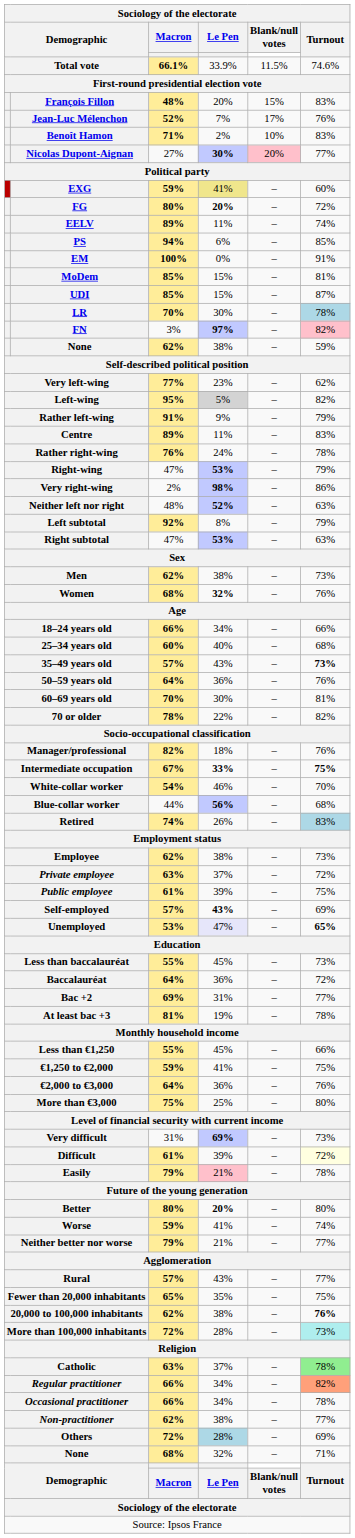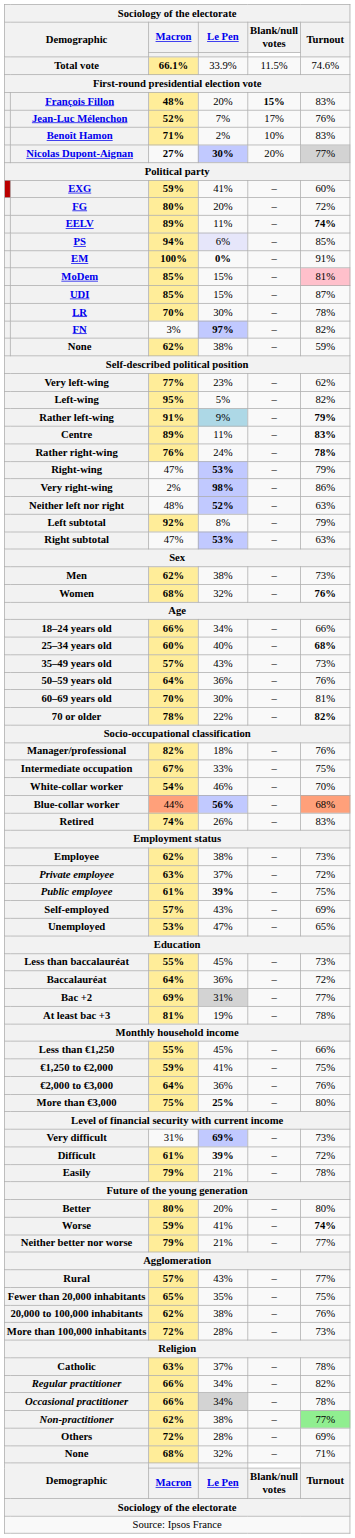 <table class="wikitable sortable" style="font-size:90%; text-align:center">
 <tr>
 <th colspan="6">Sociology of the electorate</th>
 </tr>
 <tr>
 <th scope="col" colspan="2" rowspan="2" class="unsortable" style="width:180px;">Demographic</th>
 <th scope="col" style="width:60px;"><a href='#'>Macron</a></th>
 <th scope="col" style="width:60px;"><a href='#'>Le Pen</a></th>
 <th scope="col" style="width:60px;">Blank/null votes</th>
 <th scope="col" rowspan="2" style="width:40px;">Turnout</th>
 </tr>
 <tr>
 <th style="background:"></th>
 <th style="background:"></th>
 <th style="background:#FFFFFF;"></th>
 </tr>
 <tr>
 <th colspan="2">Total vote</th>
 <td style="background:#FFED99;"><strong>66.1%</strong></td>
 <td>33.9%</td>
 <td>11.5%</td>
 <td>74.6%</td>
 </tr>
 <tr class="sortbottom">
 <th colspan="6">First-round presidential election vote</th>
 </tr>
 <tr>
 <th style="background:"></th>
 <th><a href='#'>François Fillon</a></th>
 <td style="background:#FFED99;"><strong>48%</strong></td>
 <td>20%</td>
-<td>15%</td>
+<td><strong>15%</strong></td>
 <td>83%</td>
 </tr>
 <tr>
 <th style="background:"></th>
 <th><a href='#'>Jean-Luc Mélenchon</a></th>
 <td style="background:#FFED99;"><strong>52%</strong></td>
 <td>7%</td>
 <td>17%</td>
 <td>76%</td>
 </tr>
 <tr>
 <th style="background:"></th>
 <th><a href='#'>Benoît Hamon</a></th>
 <td style="background:#FFED99;"><strong>71%</strong></td>
 <td>2%</td>
 <td>10%</td>
 <td>83%</td>
 </tr>
 <tr>
 <th style="background:"></th>
 <th><a href='#'>Nicolas Dupont-Aignan</a></th>
-<td>27%</td>
+<td><strong>27%</strong></td>
 <td style="background:#C1C9FF;"><strong>30%</strong></td>
-<td style="background: pink;">20%</td>
-<td>77%</td>
+<td>20%</td>
+<td style="background: lightgrey;">77%</td>
 </tr>
 <tr class="sortbottom">
 <th colspan="6">Political party</th>
 </tr>
 <tr>
 <th style="background:#b00;"></th>
 <th><a href='#'>EXG</a></th>
 <td style="background:#FFED99;"><strong>59%</strong></td>
-<td style="background: khaki;">41%</td>
+<td>41%</td>
 <td>–</td>
 <td>60%</td>
 </tr>
 <tr>
 <th style="background:"></th>
 <th><a href='#'>FG</a></th>
 <td style="background:#FFED99;"><strong>80%</strong></td>
-<td><strong>20%</strong></td>
+<td>20%</td>
 <td>–</td>
 <td>72%</td>
 </tr>
 <tr>
 <th style="background:"></th>
 <th><a href='#'>EELV</a></th>
 <td style="background:#FFED99;"><strong>89%</strong></td>
 <td>11%</td>
 <td>–</td>
-<td>74%</td>
+<td><strong>74%</strong></td>
 </tr>
 <tr>
 <th style="background:"></th>
 <th><a href='#'>PS</a></th>
 <td style="background:#FFED99;"><strong>94%</strong></td>
-<td>6%</td>
+<td style="background: lavender;">6%</td>
 <td>–</td>
 <td>85%</td>
 </tr>
 <tr>
 <th style="background:"></th>
 <th><a href='#'>EM</a></th>
 <td style="background:#FFED99;"><strong>100%</strong></td>
-<td>0%</td>
+<td><strong>0%</strong></td>
 <td>–</td>
 <td>91%</td>
 </tr>
 <tr>
 <th style="background:"></th>
 <th><a href='#'>MoDem</a></th>
 <td style="background:#FFED99;"><strong>85%</strong></td>
 <td>15%</td>
 <td>–</td>
-<td>81%</td>
+<td style="background: pink;">81%</td>
 </tr>
 <tr>
 <th style="background:"></th>
 <th><a href='#'>UDI</a></th>
 <td style="background:#FFED99;"><strong>85%</strong></td>
 <td>15%</td>
 <td>–</td>
 <td>87%</td>
 </tr>
 <tr>
 <th style="background:"></th>
 <th><a href='#'>LR</a></th>
 <td style="background:#FFED99;"><strong>70%</strong></td>
 <td>30%</td>
 <td>–</td>
-<td style="background: lightblue;">78%</td>
+<td>78%</td>
 </tr>
 <tr>
 <th style="background:"></th>
 <th><a href='#'>FN</a></th>
 <td>3%</td>
 <td style="background:#C1C9FF;"><strong>97%</strong></td>
 <td>–</td>
-<td style="background: pink;">82%</td>
+<td>82%</td>
 </tr>
 <tr>
 <th style="background:"></th>
 <th>None</th>
 <td style="background:#FFED99;"><strong>62%</strong></td>
 <td>38%</td>
 <td>–</td>
 <td>59%</td>
 </tr>
 <tr class="sortbottom">
 <th colspan="6">Self-described political position</th>
 </tr>
 <tr>
 <th colspan="2">Very left-wing</th>
 <td style="background:#FFED99;"><strong>77%</strong></td>
 <td>23%</td>
 <td>–</td>
 <td>62%</td>
 </tr>
 <tr>
 <th colspan="2">Left-wing</th>
 <td style="background:#FFED99;"><strong>95%</strong></td>
-<td style="background: lightgrey;">5%</td>
+<td>5%</td>
 <td>–</td>
 <td>82%</td>
 </tr>
 <tr>
 <th colspan="2">Rather left-wing</th>
 <td style="background:#FFED99;"><strong>91%</strong></td>
-<td>9%</td>
+<td style="background: lightblue;">9%</td>
 <td>–</td>
-<td>79%</td>
+<td><strong>79%</strong></td>
 </tr>
 <tr>
 <th colspan="2">Centre</th>
 <td style="background:#FFED99;"><strong>89%</strong></td>
 <td>11%</td>
 <td>–</td>
-<td>83%</td>
+<td><strong>83%</strong></td>
 </tr>
 <tr>
 <th colspan="2">Rather right-wing</th>
 <td style="background:#FFED99;"><strong>76%</strong></td>
 <td>24%</td>
 <td>–</td>
-<td>78%</td>
+<td><strong>78%</strong></td>
 </tr>
 <tr>
 <th colspan="2">Right-wing</th>
 <td>47%</td>
 <td style="background:#C1C9FF;"><strong>53%</strong></td>
 <td>–</td>
 <td>79%</td>
 </tr>
 <tr>
 <th colspan="2">Very right-wing</th>
 <td>2%</td>
 <td style="background:#C1C9FF;"><strong>98%</strong></td>
 <td>–</td>
 <td>86%</td>
 </tr>
 <tr>
 <th colspan="2">Neither left nor right</th>
 <td>48%</td>
 <td style="background:#C1C9FF;"><strong>52%</strong></td>
 <td>–</td>
 <td>63%</td>
 </tr>
 <tr>
 <th colspan="2">Left subtotal</th>
 <td style="background:#FFED99;"><strong>92%</strong></td>
 <td>8%</td>
 <td>–</td>
 <td>79%</td>
 </tr>
 <tr>
 <th colspan="2">Right subtotal</th>
 <td>47%</td>
 <td style="background:#C1C9FF;"><strong>53%</strong></td>
 <td>–</td>
 <td>63%</td>
 </tr>
 <tr class="sortbottom">
 <th colspan="6">Sex</th>
 </tr>
 <tr>
 <th colspan="2">Men</th>
 <td style="background:#FFED99;"><strong>62%</strong></td>
 <td>38%</td>
 <td>–</td>
 <td>73%</td>
 </tr>
 <tr>
 <th colspan="2">Women</th>
 <td style="background:#FFED99;"><strong>68%</strong></td>
-<td><strong>32%</strong></td>
+<td>32%</td>
 <td>–</td>
-<td>76%</td>
+<td><strong>76%</strong></td>
 </tr>
 <tr class="sortbottom">
 <th colspan="6">Age</th>
 </tr>
 <tr>
 <th colspan="2">18–24 years old</th>
 <td style="background:#FFED99;"><strong>66%</strong></td>
 <td>34%</td>
 <td>–</td>
 <td>66%</td>
 </tr>
 <tr>
 <th colspan="2">25–34 years old</th>
 <td style="background:#FFED99;"><strong>60%</strong></td>
 <td>40%</td>
 <td>–</td>
-<td>68%</td>
+<td><strong>68%</strong></td>
 </tr>
 <tr>
 <th colspan="2">35–49 years old</th>
 <td style="background:#FFED99;"><strong>57%</strong></td>
 <td>43%</td>
 <td>–</td>
-<td><strong>73%</strong></td>
+<td>73%</td>
 </tr>
 <tr>
 <th colspan="2">50–59 years old</th>
 <td style="background:#FFED99;"><strong>64%</strong></td>
 <td>36%</td>
 <td>–</td>
 <td>76%</td>
 </tr>
 <tr>
 <th colspan="2">60–69 years old</th>
 <td style="background:#FFED99;"><strong>70%</strong></td>
 <td>30%</td>
 <td>–</td>
 <td>81%</td>
 </tr>
 <tr>
 <th colspan="2">70 or older</th>
 <td style="background:#FFED99;"><strong>78%</strong></td>
 <td>22%</td>
 <td>–</td>
-<td>82%</td>
+<td><strong>82%</strong></td>
 </tr>
 <tr class="sortbottom">
 <th colspan="6">Socio-occupational classification</th>
 </tr>
 <tr>
 <th colspan="2">Manager/professional</th>
 <td style="background:#FFED99;"><strong>82%</strong></td>
 <td>18%</td>
 <td>–</td>
 <td>76%</td>
 </tr>
 <tr>
 <th colspan="2">Intermediate occupation</th>
 <td style="background:#FFED99;"><strong>67%</strong></td>
-<td><strong>33%</strong></td>
+<td>33%</td>
 <td>–</td>
-<td><strong>75%</strong></td>
+<td>75%</td>
 </tr>
 <tr>
 <th colspan="2">White-collar worker</th>
 <td style="background:#FFED99;"><strong>54%</strong></td>
 <td>46%</td>
 <td>–</td>
 <td>70%</td>
 </tr>
 <tr>
 <th colspan="2">Blue-collar worker</th>
-<td>44%</td>
+<td style="background: lightsalmon;">44%</td>
 <td style="background:#C1C9FF;"><strong>56%</strong></td>
 <td>–</td>
-<td>68%</td>
+<td style="background: lightsalmon;">68%</td>
 </tr>
 <tr>
 <th colspan="2">Retired</th>
 <td style="background:#FFED99;"><strong>74%</strong></td>
 <td>26%</td>
 <td>–</td>
-<td style="background: lightblue;">83%</td>
+<td>83%</td>
 </tr>
 <tr class="sortbottom">
 <th colspan="6">Employment status</th>
 </tr>
 <tr>
 <th colspan="2">Employee</th>
 <td style="background:#FFED99;"><strong>62%</strong></td>
 <td>38%</td>
 <td>–</td>
 <td>73%</td>
 </tr>
 <tr>
 <th colspan="2"><em>Private employee</em></th>
 <td style="background:#FFED99;"><strong>63%</strong></td>
 <td>37%</td>
 <td>–</td>
 <td>72%</td>
 </tr>
 <tr>
 <th colspan="2"><em>Public employee</em></th>
 <td style="background:#FFED99;"><strong>61%</strong></td>
-<td>39%</td>
+<td><strong>39%</strong></td>
 <td>–</td>
 <td>75%</td>
 </tr>
 <tr>
 <th colspan="2">Self-employed</th>
 <td style="background:#FFED99;"><strong>57%</strong></td>
-<td><strong>43%</strong></td>
+<td>43%</td>
 <td>–</td>
 <td>69%</td>
 </tr>
 <tr>
 <th colspan="2">Unemployed</th>
 <td style="background:#FFED99;"><strong>53%</strong></td>
-<td style="background: lavender;">47%</td>
+<td>47%</td>
 <td>–</td>
-<td><strong>65%</strong></td>
+<td>65%</td>
 </tr>
 <tr class="sortbottom">
 <th colspan="6">Education</th>
 </tr>
 <tr>
 <th colspan="2">Less than baccalauréat</th>
 <td style="background:#FFED99;"><strong>55%</strong></td>
 <td>45%</td>
 <td>–</td>
 <td>73%</td>
 </tr>
 <tr>
 <th colspan="2">Baccalauréat</th>
 <td style="background:#FFED99;"><strong>64%</strong></td>
 <td>36%</td>
 <td>–</td>
 <td>72%</td>
 </tr>
 <tr>
 <th colspan="2">Bac +2</th>
 <td style="background:#FFED99;"><strong>69%</strong></td>
-<td>31%</td>
+<td style="background: lightgrey;">31%</td>
 <td>–</td>
 <td>77%</td>
 </tr>
 <tr>
 <th colspan="2">At least bac +3</th>
 <td style="background:#FFED99;"><strong>81%</strong></td>
 <td>19%</td>
 <td>–</td>
 <td>78%</td>
 </tr>
 <tr class="sortbottom">
 <th colspan="6">Monthly household income</th>
 </tr>
 <tr>
 <th colspan="2">Less than €1,250</th>
 <td style="background:#FFED99;"><strong>55%</strong></td>
 <td>45%</td>
 <td>–</td>
 <td>66%</td>
 </tr>
 <tr>
 <th colspan="2">€1,250 to €2,000</th>
 <td style="background:#FFED99;"><strong>59%</strong></td>
 <td>41%</td>
 <td>–</td>
 <td>75%</td>
 </tr>
 <tr>
 <th colspan="2">€2,000 to €3,000</th>
 <td style="background:#FFED99;"><strong>64%</strong></td>
 <td>36%</td>
 <td>–</td>
 <td>76%</td>
 </tr>
 <tr>
 <th colspan="2">More than €3,000</th>
 <td style="background:#FFED99;"><strong>75%</strong></td>
-<td>25%</td>
+<td><strong>25%</strong></td>
 <td>–</td>
 <td>80%</td>
 </tr>
 <tr class="sortbottom">
 <th colspan="6">Level of financial security with current income</th>
 </tr>
 <tr>
 <th colspan="2">Very difficult</th>
 <td>31%</td>
 <td style="background:#C1C9FF;"><strong>69%</strong></td>
 <td>–</td>
 <td>73%</td>
 </tr>
 <tr>
 <th colspan="2">Difficult</th>
 <td style="background:#FFED99;"><strong>61%</strong></td>
-<td>39%</td>
+<td><strong>39%</strong></td>
 <td>–</td>
-<td style="background: lightyellow;">72%</td>
+<td>72%</td>
 </tr>
 <tr>
 <th colspan="2">Easily</th>
 <td style="background:#FFED99;"><strong>79%</strong></td>
-<td style="background: pink;">21%</td>
+<td>21%</td>
 <td>–</td>
 <td>78%</td>
 </tr>
 <tr class="sortbottom">
 <th colspan="6">Future of the young generation</th>
 </tr>
 <tr>
 <th colspan="2">Better</th>
 <td style="background:#FFED99;"><strong>80%</strong></td>
-<td><strong>20%</strong></td>
+<td>20%</td>
 <td>–</td>
 <td>80%</td>
 </tr>
 <tr>
 <th colspan="2">Worse</th>
 <td style="background:#FFED99;"><strong>59%</strong></td>
 <td>41%</td>
 <td>–</td>
-<td>74%</td>
+<td><strong>74%</strong></td>
 </tr>
 <tr>
 <th colspan="2">Neither better nor worse</th>
 <td style="background:#FFED99;"><strong>79%</strong></td>
 <td>21%</td>
 <td>–</td>
 <td>77%</td>
 </tr>
 <tr class="sortbottom">
 <th colspan="6">Agglomeration</th>
 </tr>
 <tr>
 <th colspan="2">Rural</th>
 <td style="background:#FFED99;"><strong>57%</strong></td>
 <td>43%</td>
 <td>–</td>
 <td>77%</td>
 </tr>
 <tr>
 <th colspan="2">Fewer than 20,000 inhabitants</th>
 <td style="background:#FFED99;"><strong>65%</strong></td>
 <td>35%</td>
 <td>–</td>
 <td>75%</td>
 </tr>
 <tr>
 <th colspan="2">20,000 to 100,000 inhabitants</th>
 <td style="background:#FFED99;"><strong>62%</strong></td>
 <td>38%</td>
 <td>–</td>
-<td><strong>76%</strong></td>
+<td>76%</td>
 </tr>
 <tr>
 <th colspan="2">More than 100,000 inhabitants</th>
 <td style="background:#FFED99;"><strong>72%</strong></td>
 <td>28%</td>
 <td>–</td>
-<td style="background: paleturquoise;">73%</td>
+<td>73%</td>
 </tr>
 <tr class="sortbottom">
 <th colspan="6">Religion</th>
 </tr>
 <tr>
 <th colspan="2">Catholic</th>
 <td style="background:#FFED99;"><strong>63%</strong></td>
 <td>37%</td>
 <td>–</td>
-<td style="background: lightgreen;">78%</td>
+<td>78%</td>
 </tr>
 <tr>
 <th colspan="2"><em>Regular practitioner</em></th>
 <td style="background:#FFED99;"><strong>66%</strong></td>
 <td>34%</td>
 <td>–</td>
-<td style="background: lightsalmon;">82%</td>
+<td>82%</td>
 </tr>
 <tr>
 <th colspan="2"><em>Occasional practitioner</em></th>
 <td style="background:#FFED99;"><strong>66%</strong></td>
-<td>34%</td>
+<td style="background: lightgrey;">34%</td>
 <td>–</td>
 <td>78%</td>
 </tr>
 <tr>
 <th colspan="2"><em>Non-practitioner</em></th>
 <td style="background:#FFED99;"><strong>62%</strong></td>
 <td>38%</td>
 <td>–</td>
-<td>77%</td>
+<td style="background: lightgreen;">77%</td>
 </tr>
 <tr>
 <th colspan="2">Others</th>
 <td style="background:#FFED99;"><strong>72%</strong></td>
-<td style="background: lightblue;">28%</td>
+<td>28%</td>
 <td>–</td>
 <td>69%</td>
 </tr>
 <tr>
 <th colspan="2">None</th>
 <td style="background:#FFED99;"><strong>68%</strong></td>
 <td>32%</td>
 <td>–</td>
 <td>71%</td>
 </tr>
 <tr class="sortbottom">
 <th colspan="2" rowspan="2">Demographic</th>
 <th style="background:"></th>
 <th style="background:"></th>
 <th style="background:#FFFFFF;"></th>
 <th scope="col" rowspan="2" style="width:60px;">Turnout</th>
 </tr>
 <tr class="sortbottom">
 <th scope="col" style="width:60px;"><a href='#'>Macron</a></th>
 <th scope="col" style="width:60px;"><a href='#'>Le Pen</a></th>
 <th scope="col" style="width:60px;">Blank/null votes</th>
 </tr>
 <tr class="sortbottom">
 <th colspan="6">Sociology of the electorate</th>
 </tr>
 <tr class="sortbottom">
 <td colspan="6">Source: Ipsos France</td>
 </tr>
 </table>
